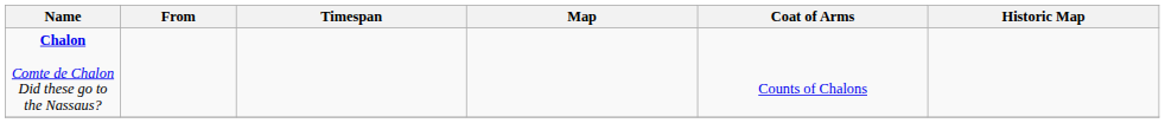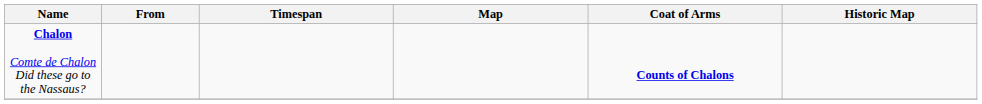 <table class="wikitable" style="text-align:center; width:100%">
 <tr>
 <th width=10%>Name</th>
 <th width=10%>From</th>
 <th width=20%>Timespan</th>
 <th width=20%>Map</th>
 <th width=20%>Coat of Arms</th>
 <th width=20%>Historic Map</th>
 </tr>
 <tr>
 <td><strong><a href='#'>Chalon</a></strong><br><br><em><a href='#'>Comte de Chalon</a> Did these go to the Nassaus?</em></td>
 <td></td>
 <td></td>
 <td></td>
-<td><br><br> <a href='#'>Counts of Chalons</a></td>
+<td><strong><br><br> <a href='#'>Counts of Chalons</a></strong></td>
 <td></td>
 </tr>
 <tr>
 </tr>
 </table>
